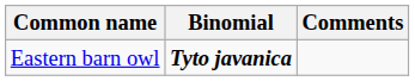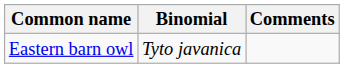 <table class="wikitable">
 <tr>
 <th>Common name</th>
 <th>Binomial</th>
 <th>Comments</th>
 </tr>
 <tr>
 <td><a href='#'>Eastern barn owl</a></td>
-<td><strong><em>Tyto javanica</em></strong></td>
+<td><em>Tyto javanica</em></td>
 </tr>
 </table>
